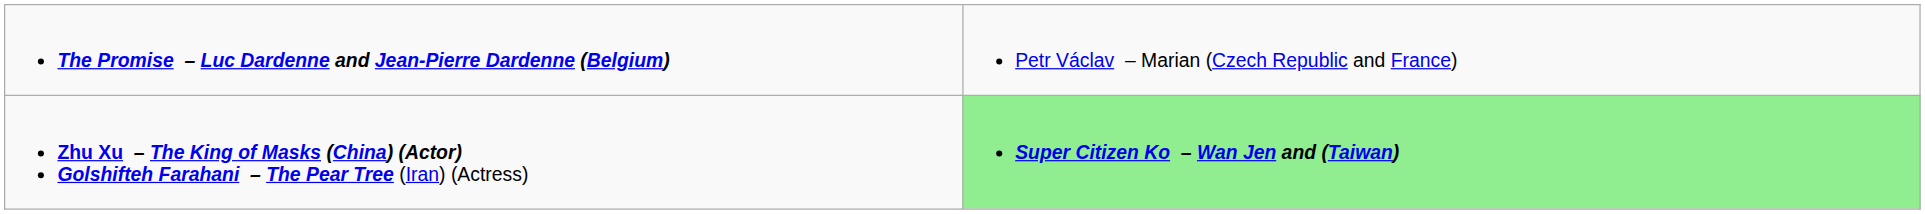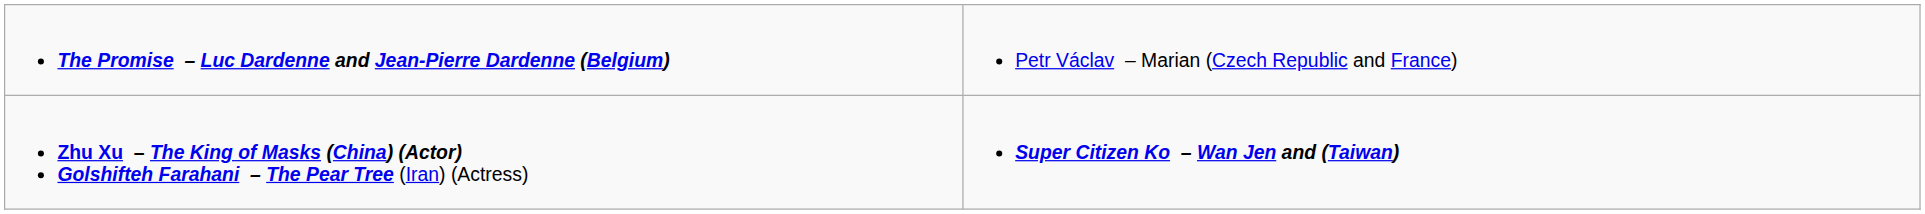 <table class=wikitable width="100%">
 <tr>
 <td valign="top" width="50%"><br><ul><li><strong><em><a href='#'>The Promise</a><em>  – <a href='#'>Luc Dardenne</a> and <a href='#'>Jean-Pierre Dardenne</a><strong> (<a href='#'>Belgium</a>)</li></ul></td>
 <td valign="top" width="50%"><br><ul><li></strong><a href='#'>Petr Václav</a>  – </em>Marian</em></strong> (<a href='#'>Czech Republic</a> and <a href='#'>France</a>)</li></ul></td>
 </tr>
 <tr>
 <td valign="top" width="50%"><br><ul><li><strong><a href='#'>Zhu Xu</a>  – <em><a href='#'>The King of Masks</a><strong><em> (<a href='#'>China</a>) (Actor)</li><li></strong><a href='#'>Golshifteh Farahani</a>  – </em><a href='#'>The Pear Tree</a></em></strong> (<a href='#'>Iran</a>) (Actress)</li></ul></td>
-<td valign="top" width="50%" style="background: lightgreen;"><br><ul><li><strong><em><a href='#'>Super Citizen Ko</a><em>  – <a href='#'>Wan Jen</a> and <strong> (<a href='#'>Taiwan</a>)</li></ul></td>
+<td valign="top" width="50%"><br><ul><li><strong><em><a href='#'>Super Citizen Ko</a><em>  – <a href='#'>Wan Jen</a> and <strong> (<a href='#'>Taiwan</a>)</li></ul></td>
 </tr>
 </table>
